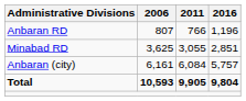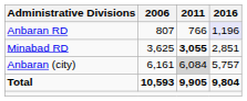 <table class="wikitable">
 <tr>
 <th>Administrative Divisions</th>
 <th>2006</th>
 <th>2011</th>
 <th>2016</th>
 </tr>
 <tr>
 <td><a href='#'>Anbaran RD</a></td>
 <td style="text-align: right;">807</td>
 <td style="text-align: right;">766</td>
-<td style="text-align: right;">1,196</td>
+<td style="background: lavender; text-align: right;">1,196</td>
 </tr>
 <tr>
 <td><a href='#'>Minabad RD</a></td>
 <td style="text-align: right;">3,625</td>
-<td style="text-align: right;">3,055</td>
+<td style="text-align: right;"><strong>3,055</strong></td>
 <td style="text-align: right;">2,851</td>
 </tr>
 <tr>
 <td><a href='#'>Anbaran</a> (city)</td>
 <td style="text-align: right;">6,161</td>
-<td style="text-align: right;">6,084</td>
+<td style="background: lightgrey; text-align: right;">6,084</td>
 <td style="text-align: right;">5,757</td>
 </tr>
 <tr>
 <td><strong>Total</strong></td>
 <td style="text-align: right;"><strong>10,593</strong></td>
 <td style="text-align: right;"><strong>9,905</strong></td>
 <td style="text-align: right;"><strong>9,804</strong></td>
 </tr>
 <tr>
 <td colspan=4></td>
 </tr>
 </table>
